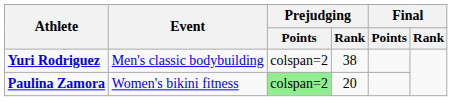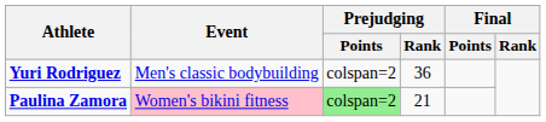 <table class=wikitable style="font-size:90%">
 <tr>
 <th rowspan="2">Athlete</th>
 <th rowspan="2">Event</th>
 <th colspan="2">Prejudging</th>
 <th colspan="2">Final</th>
 </tr>
 <tr style="font-size:95%">
 <th>Points</th>
 <th>Rank</th>
 <th>Points</th>
 <th>Rank</th>
 </tr>
 <tr align=center>
 <td align=left><strong><a href='#'>Yuri Rodriguez</a></strong></td>
 <td align=left><a href='#'>Men's classic bodybuilding</a></td>
 <td>colspan=2 </td>
-<td>38</td>
+<td>36</td>
 <td></td>
 </tr>
 <tr align=center>
 <td align=left><strong><a href='#'>Paulina Zamora</a></strong></td>
-<td align=left><a href='#'>Women's bikini fitness</a></td>
+<td align=left style="background: pink;"><a href='#'>Women's bikini fitness</a></td>
 <td style="background: lightgreen;">colspan=2 </td>
-<td>20</td>
+<td>21</td>
 <td></td>
 </tr>
 </table>
